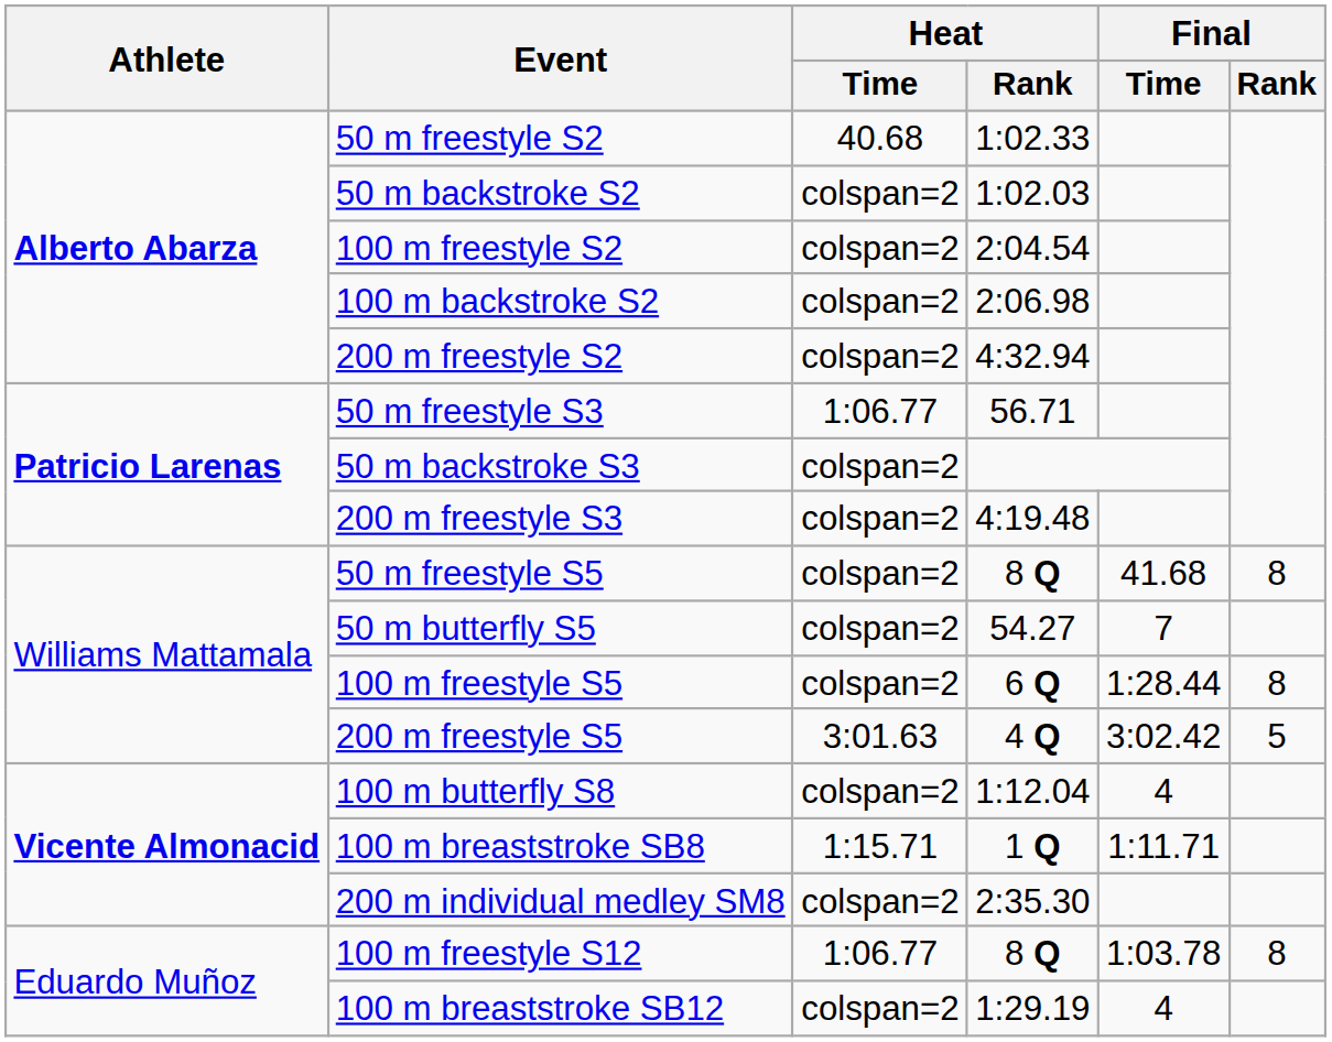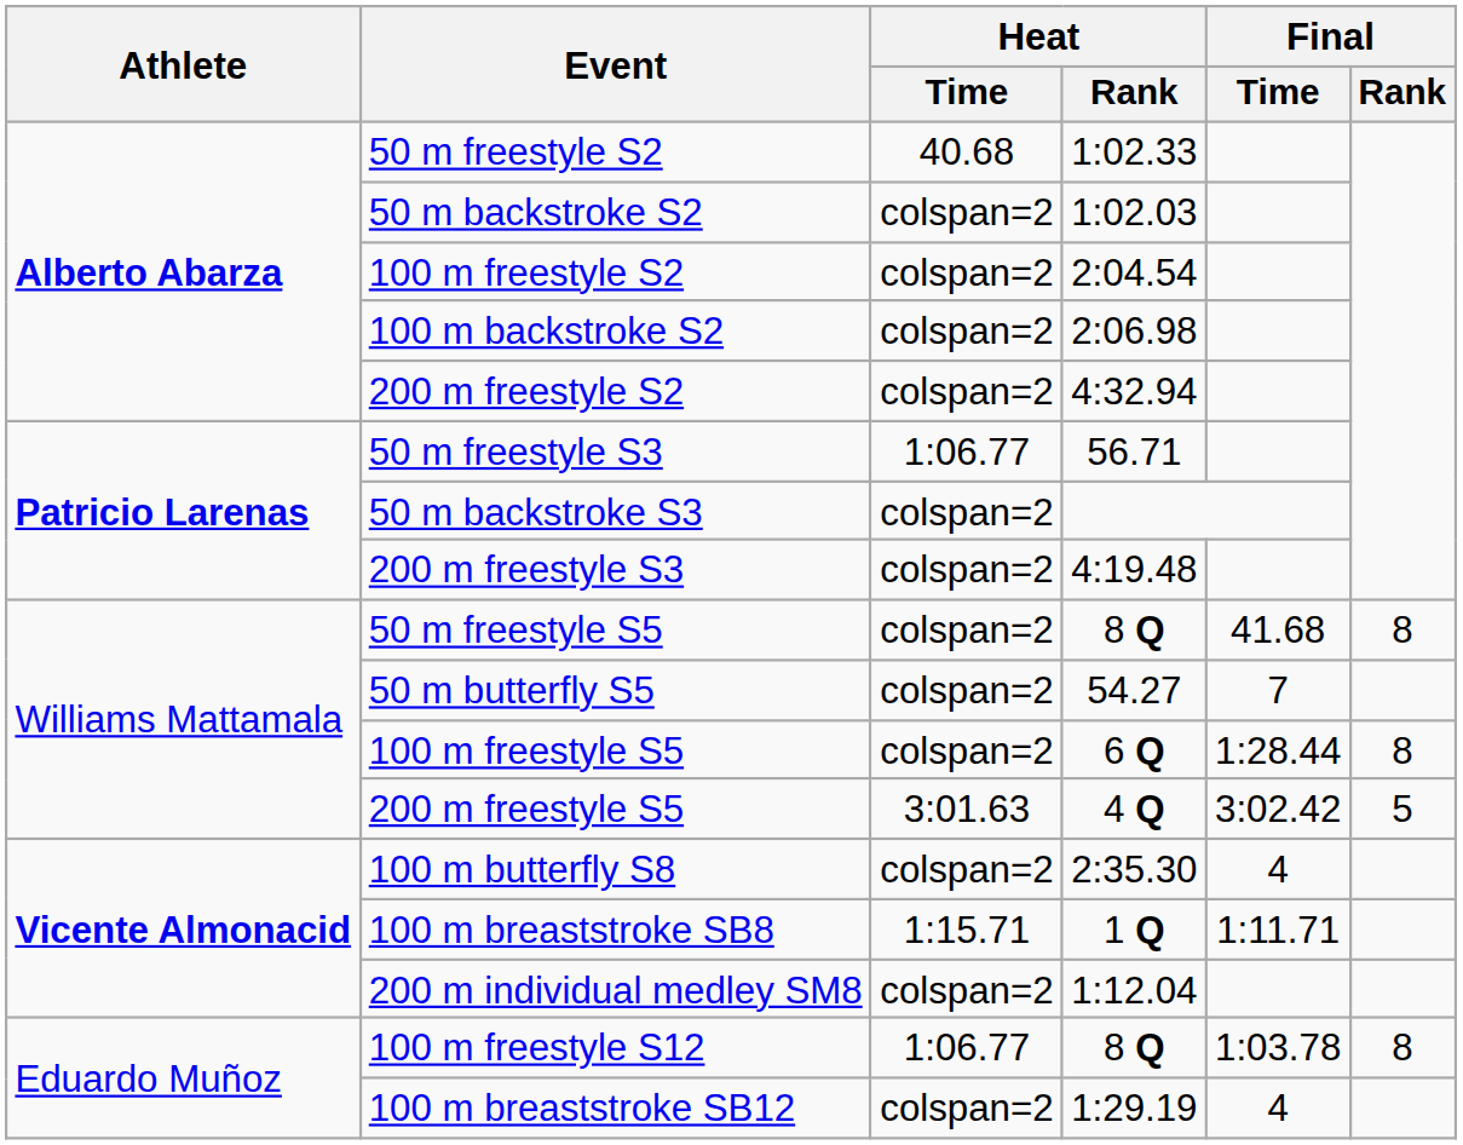 <table class=wikitable style=font-size:90%;text-align:center>
 <tr>
 <th rowspan=2>Athlete</th>
 <th rowspan=2>Event</th>
 <th colspan=2>Heat</th>
 <th colspan=2>Final</th>
 </tr>
 <tr style=font-size:95%>
 <th>Time</th>
 <th>Rank</th>
 <th>Time</th>
 <th>Rank</th>
 </tr>
 <tr align=center>
 <td align=left rowspan=5><strong><a href='#'>Alberto Abarza</a></strong></td>
 <td align=left><a href='#'>50 m freestyle S2</a></td>
 <td>40.68</td>
 <td>1:02.33</td>
 <td></td>
 </tr>
 <tr align=center>
 <td align=left><a href='#'>50 m backstroke S2</a></td>
 <td>colspan=2 </td>
 <td>1:02.03</td>
 <td></td>
 </tr>
 <tr align=center>
 <td align=left><a href='#'>100 m freestyle S2</a></td>
 <td>colspan=2 </td>
 <td>2:04.54</td>
 <td></td>
 </tr>
 <tr align=center>
 <td align=left><a href='#'>100 m backstroke S2</a></td>
 <td>colspan=2 </td>
 <td>2:06.98</td>
 <td></td>
 </tr>
 <tr align=center>
 <td align=left><a href='#'>200 m freestyle S2</a></td>
 <td>colspan=2 </td>
 <td>4:32.94</td>
 <td></td>
 </tr>
 <tr align=center>
 <td align=left rowspan=3><strong><a href='#'>Patricio Larenas</a></strong></td>
 <td align=left><a href='#'>50 m freestyle S3</a></td>
 <td>1:06.77</td>
 <td>56.71</td>
 <td></td>
 </tr>
 <tr align=center>
 <td align=left><a href='#'>50 m backstroke S3</a></td>
 <td>colspan=2 </td>
 <td colspan=2></td>
 </tr>
 <tr align=center>
 <td align=left><a href='#'>200 m freestyle S3</a></td>
 <td>colspan=2 </td>
 <td>4:19.48</td>
 <td></td>
 </tr>
 <tr align=center>
 <td align=left rowspan=4><a href='#'>Williams Mattamala</a></td>
 <td align=left><a href='#'>50 m freestyle S5</a></td>
 <td>colspan=2 </td>
 <td>8 <strong>Q</strong></td>
 <td>41.68</td>
 <td>8</td>
 </tr>
 <tr align=center>
 <td align=left><a href='#'>50 m butterfly S5</a></td>
 <td>colspan=2 </td>
 <td>54.27</td>
 <td>7</td>
 </tr>
 <tr align=center>
 <td align=left><a href='#'>100 m freestyle S5</a></td>
 <td>colspan=2 </td>
 <td>6 <strong>Q</strong></td>
 <td>1:28.44</td>
 <td>8</td>
 </tr>
 <tr align=center>
 <td align=left><a href='#'>200 m freestyle S5</a></td>
 <td>3:01.63</td>
 <td>4 <strong>Q</strong></td>
 <td>3:02.42</td>
 <td>5</td>
 </tr>
 <tr align=center>
 <td align=left rowspan=3><strong><a href='#'>Vicente Almonacid</a></strong></td>
 <td align=left><a href='#'>100 m butterfly S8</a></td>
 <td>colspan=2 </td>
-<td>1:12.04</td>
+<td>2:35.30</td>
 <td>4</td>
 </tr>
 <tr align=center>
 <td align=left><a href='#'>100 m breaststroke SB8</a></td>
 <td>1:15.71</td>
 <td>1 <strong>Q</strong></td>
 <td>1:11.71</td>
 <td></td>
 </tr>
 <tr align=center>
 <td align=left><a href='#'>200 m individual medley SM8</a></td>
 <td>colspan=2 </td>
-<td>2:35.30</td>
+<td>1:12.04</td>
 <td></td>
 </tr>
 <tr align=center>
 <td align=left rowspan=2><a href='#'>Eduardo Muñoz</a></td>
 <td align=left><a href='#'>100 m freestyle S12</a></td>
 <td>1:06.77</td>
 <td>8 <strong>Q</strong></td>
 <td>1:03.78</td>
 <td>8</td>
 </tr>
 <tr align=center>
 <td align=left><a href='#'>100 m breaststroke SB12</a></td>
 <td>colspan=2 </td>
 <td>1:29.19</td>
 <td>4</td>
 </tr>
 </table>
